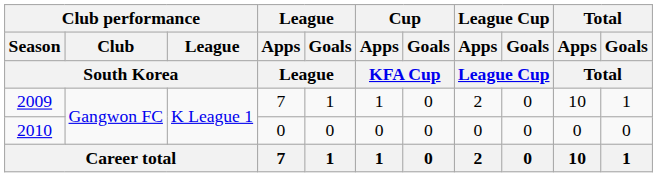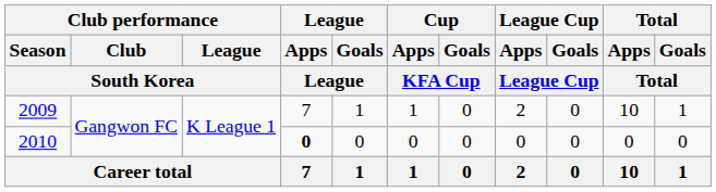 <table class="wikitable" style="text-align:center">
 <tr>
 <th colspan=3>Club performance</th>
 <th colspan=2>League</th>
 <th colspan=2>Cup</th>
 <th colspan=2>League Cup</th>
 <th colspan=2>Total</th>
 </tr>
 <tr>
 <th>Season</th>
 <th>Club</th>
 <th>League</th>
 <th>Apps</th>
 <th>Goals</th>
 <th>Apps</th>
 <th>Goals</th>
 <th>Apps</th>
 <th>Goals</th>
 <th>Apps</th>
 <th>Goals</th>
 </tr>
 <tr>
 <th colspan=3>South Korea</th>
 <th colspan=2>League</th>
 <th colspan=2><a href='#'>KFA Cup</a></th>
 <th colspan=2><a href='#'>League Cup</a></th>
 <th colspan=2>Total</th>
 </tr>
 <tr>
 <td><a href='#'>2009</a></td>
 <td rowspan=2><a href='#'>Gangwon FC</a></td>
 <td rowspan=2><a href='#'>K League 1</a></td>
 <td>7</td>
 <td>1</td>
 <td>1</td>
 <td>0</td>
 <td>2</td>
 <td>0</td>
 <td>10</td>
 <td>1</td>
 </tr>
 <tr>
 <td><a href='#'>2010</a></td>
-<td>0</td>
+<td><strong>0</strong></td>
 <td>0</td>
 <td>0</td>
 <td>0</td>
 <td>0</td>
 <td>0</td>
 <td>0</td>
 <td>0</td>
 </tr>
 <tr>
 <th colspan=3>Career total</th>
 <th>7</th>
 <th>1</th>
 <th>1</th>
 <th>0</th>
 <th>2</th>
 <th>0</th>
 <th>10</th>
 <th>1</th>
 </tr>
 </table>
